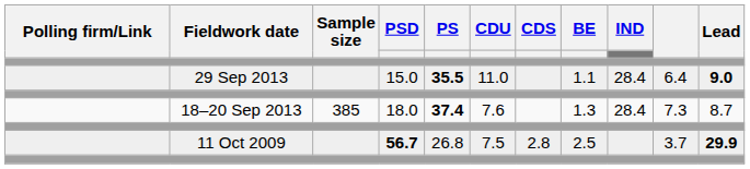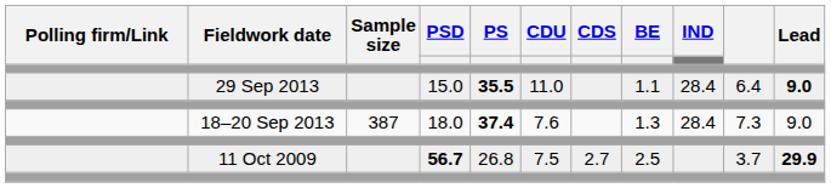 <table class="wikitable collapsible sortable" style="text-align:center; font-size:95%; line-height:16px;">
 <tr style="height:42px;">
 <th style="width:145px;" rowspan="2">Polling firm/Link</th>
 <th style="width:125px;" rowspan="2">Fieldwork date</th>
 <th class="unsortable" style="width:50px;" rowspan="2">Sample size</th>
 <th class="unsortable" style="width:35px;"><a href='#'>PSD</a></th>
 <th class="unsortable" style="width:35px;"><a href='#'>PS</a></th>
 <th class="unsortable" style="width:35px;"><a href='#'>CDU</a></th>
 <th class="unsortable" style="width:35px;"><a href='#'>CDS</a></th>
 <th class="unsortable" style="width:35px;"><a href='#'>BE</a></th>
 <th class="unsortable" style="width:35px;"><a href='#'>IND</a></th>
 <th class="unsortable" style="width:35px;" rowspan="2"></th>
 <th class="unsortable" style="width:30px;" rowspan="2">Lead</th>
 </tr>
 <tr>
 <th class="unsortable" style="color:inherit;background:"></th>
 <th class="unsortable" style="color:inherit;background:"></th>
 <th class="unsortable" style="color:inherit;background:"></th>
 <th class="unsortable" style="color:inherit;background:"></th>
 <th class="unsortable" style="color:inherit;background:"></th>
 <th class="unsortable" style="color:inherit;background:#777777;"></th>
 </tr>
 <tr>
 <td colspan="13" style="background:#A0A0A0"></td>
 </tr>
 <tr style="background:#EFEFEF;">
 <td><strong></strong></td>
 <td data-sort-value="2019-10-06">29 Sep 2013</td>
 <td></td>
 <td>15.0<br></td>
 <td><strong>35.5</strong><br></td>
 <td>11.0<br></td>
 <td></td>
 <td>1.1<br></td>
 <td>28.4<br></td>
 <td>6.4</td>
 <td style="background:"><strong>9.0</strong></td>
 </tr>
 <tr>
 <td colspan="13" style="background:#A0A0A0"></td>
 </tr>
 <tr>
 <td align="center"></td>
 <td align="center">18–20 Sep 2013</td>
-<td>385</td>
+<td>387</td>
 <td align="center">18.0</td>
 <td align="center" ><strong>37.4</strong></td>
 <td align="center">7.6</td>
 <td></td>
 <td align="center">1.3</td>
 <td align="center">28.4</td>
 <td align="center">7.3</td>
-<td style="background:">8.7</td>
+<td style="background:">9.0</td>
 </tr>
 <tr>
 <td colspan="13" style="background:#A0A0A0"></td>
 </tr>
 <tr style="background:#EFEFEF;">
 <td><strong></strong></td>
 <td data-sort-value="2019-10-06">11 Oct 2009</td>
 <td></td>
 <td><strong>56.7</strong><br></td>
 <td>26.8<br></td>
 <td>7.5<br></td>
-<td>2.8<br></td>
+<td>2.7<br></td>
 <td>2.5<br></td>
 <td></td>
 <td>3.7</td>
 <td style="background:"><strong>29.9</strong></td>
 </tr>
 <tr>
 <td colspan="13" style="background:#A0A0A0"></td>
 </tr>
 <tr>
 </tr>
 </table>
